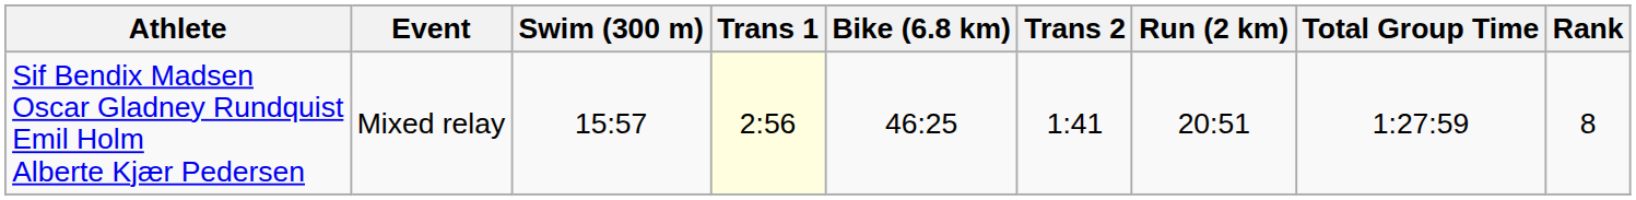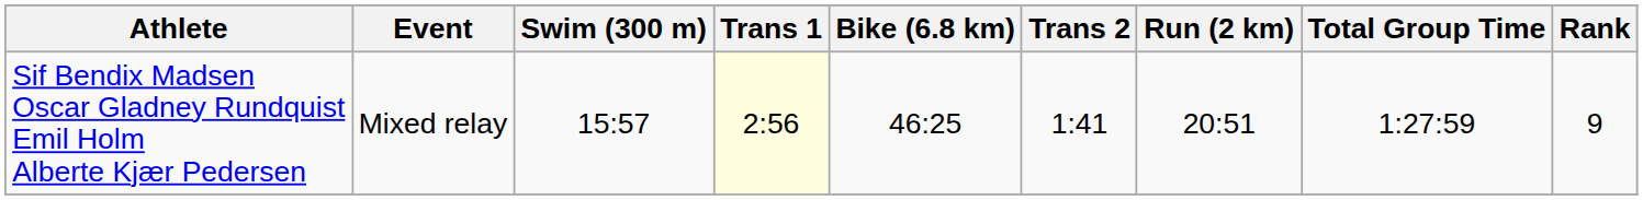 <table class="wikitable" style="font-size:90%">
 <tr>
 <th>Athlete</th>
 <th>Event</th>
 <th>Swim (300 m)</th>
 <th>Trans 1</th>
 <th>Bike (6.8 km)</th>
 <th>Trans 2</th>
 <th>Run (2 km)</th>
 <th>Total Group Time</th>
 <th>Rank</th>
 </tr>
 <tr align=center>
 <td align=left><a href='#'>Sif Bendix Madsen</a><br><a href='#'>Oscar Gladney Rundquist</a><br><a href='#'>Emil Holm</a><br><a href='#'>Alberte Kjær Pedersen</a></td>
 <td align=left>Mixed relay</td>
 <td>15:57</td>
 <td style="background: lightyellow;">2:56</td>
 <td>46:25</td>
 <td>1:41</td>
 <td>20:51</td>
 <td>1:27:59</td>
-<td>8</td>
+<td>9</td>
 </tr>
 </table>
